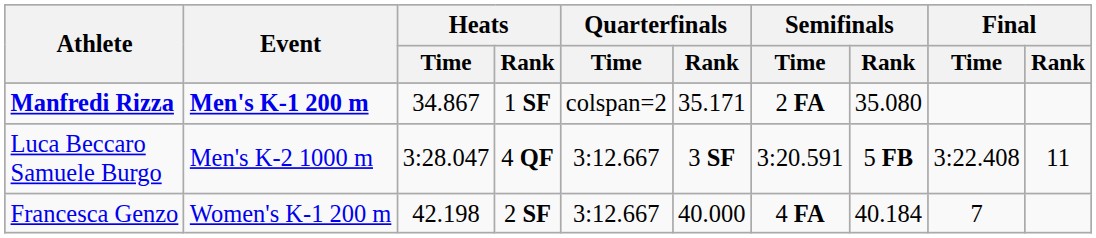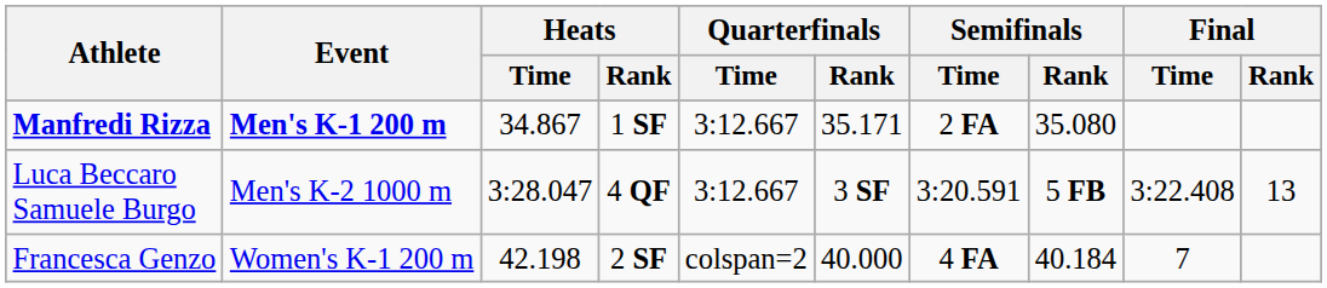 <table class=wikitable style="font-size:90%">
 <tr>
 <th rowspan="2">Athlete</th>
 <th rowspan="2">Event</th>
 <th colspan=2>Heats</th>
 <th colspan=2>Quarterfinals</th>
 <th colspan=2>Semifinals</th>
 <th colspan=2>Final</th>
 </tr>
 <tr style="font-size:95%">
 <th>Time</th>
 <th>Rank</th>
 <th>Time</th>
 <th>Rank</th>
 <th>Time</th>
 <th>Rank</th>
 <th>Time</th>
 <th>Rank</th>
 </tr>
 <tr align=center>
 <td align=left><strong><a href='#'>Manfredi Rizza</a></strong></td>
 <td align=left><strong><a href='#'>Men's K-1 200 m</a></strong></td>
 <td>34.867</td>
 <td>1 <strong>SF</strong></td>
-<td>colspan=2 </td>
+<td>3:12.667</td>
 <td>35.171</td>
 <td>2 <strong>FA</strong></td>
 <td>35.080</td>
 <td></td>
 </tr>
 <tr align=center>
 <td align=left><a href='#'>Luca Beccaro</a><br><a href='#'>Samuele Burgo</a></td>
 <td align=left><a href='#'>Men's K-2 1000 m</a></td>
 <td>3:28.047</td>
 <td>4 <strong>QF</strong></td>
 <td>3:12.667</td>
 <td>3 <strong>SF</strong></td>
 <td>3:20.591</td>
 <td>5 <strong>FB</strong></td>
 <td>3:22.408</td>
-<td>11</td>
+<td>13</td>
 </tr>
 <tr align=center>
 <td align=left><a href='#'>Francesca Genzo</a></td>
 <td align=left><a href='#'>Women's K-1 200 m</a></td>
 <td>42.198</td>
 <td>2 <strong>SF</strong></td>
-<td>3:12.667</td>
+<td>colspan=2 </td>
 <td>40.000</td>
 <td>4 <strong>FA</strong></td>
 <td>40.184</td>
 <td>7</td>
 </tr>
 </table>
